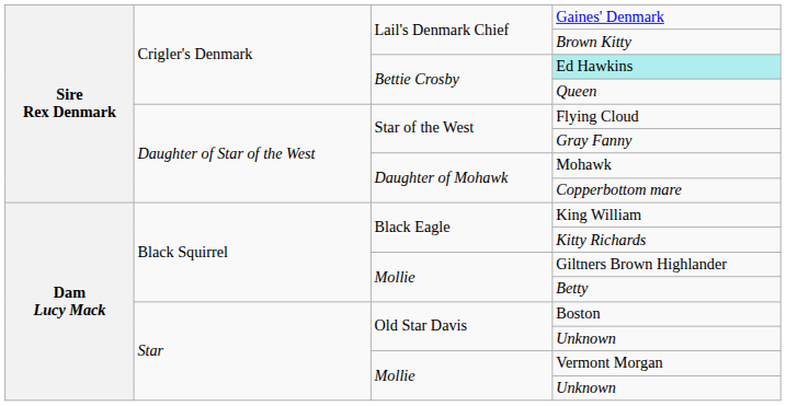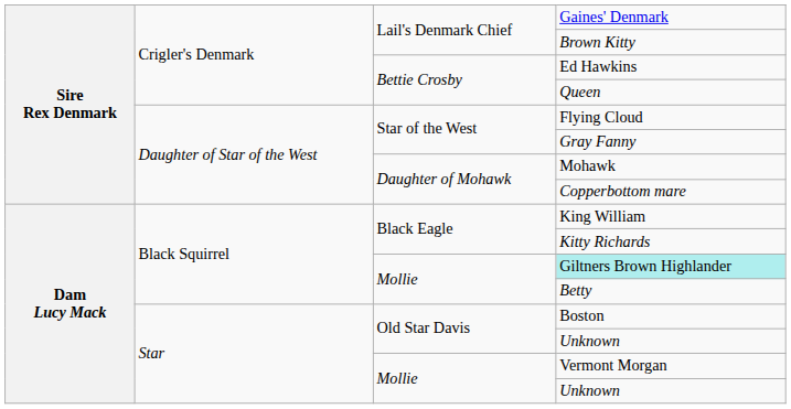 <table class="wikitable" style="clear:both; margin:0em auto; width:90%;">
 <tr>
 <th rowspan="8">Sire<br>Rex Denmark</th>
 <td rowspan="4">Crigler's Denmark</td>
 <td rowspan="2">Lail's Denmark Chief</td>
 <td><a href='#'>Gaines' Denmark</a></td>
 </tr>
 <tr>
 <td><em>Brown Kitty</em></td>
 </tr>
 <tr>
 <td rowspan="2"><em>Bettie Crosby</em></td>
-<td style="background: paleturquoise;">Ed Hawkins</td>
+<td>Ed Hawkins</td>
 </tr>
 <tr>
 <td><em>Queen</em></td>
 </tr>
 <tr>
 <td rowspan="4"><em>Daughter of Star of the West</em></td>
 <td rowspan="2">Star of the West</td>
 <td>Flying Cloud</td>
 </tr>
 <tr>
 <td><em>Gray Fanny</em></td>
 </tr>
 <tr>
 <td rowspan="2"><em>Daughter of Mohawk</em></td>
 <td>Mohawk</td>
 </tr>
 <tr>
 <td><em>Copperbottom mare</em></td>
 </tr>
 <tr>
 <th rowspan="8">Dam<br><em>Lucy Mack </em></th>
 <td rowspan="4">Black Squirrel</td>
 <td rowspan="2">Black Eagle</td>
 <td>King William</td>
 </tr>
 <tr>
 <td><em>Kitty Richards</em></td>
 </tr>
 <tr>
 <td rowspan="2"><em>Mollie</em></td>
-<td>Giltners Brown Highlander</td>
+<td style="background: paleturquoise;">Giltners Brown Highlander</td>
 </tr>
 <tr>
 <td><em>Betty</em></td>
 </tr>
 <tr>
 <td rowspan="4"><em>Star</em></td>
 <td rowspan="2">Old Star Davis</td>
 <td>Boston</td>
 </tr>
 <tr>
 <td><em>Unknown</em></td>
 </tr>
 <tr>
 <td rowspan="2"><em>Mollie</em></td>
 <td>Vermont Morgan</td>
 </tr>
 <tr>
 <td><em>Unknown</em></td>
 </tr>
 </table>
